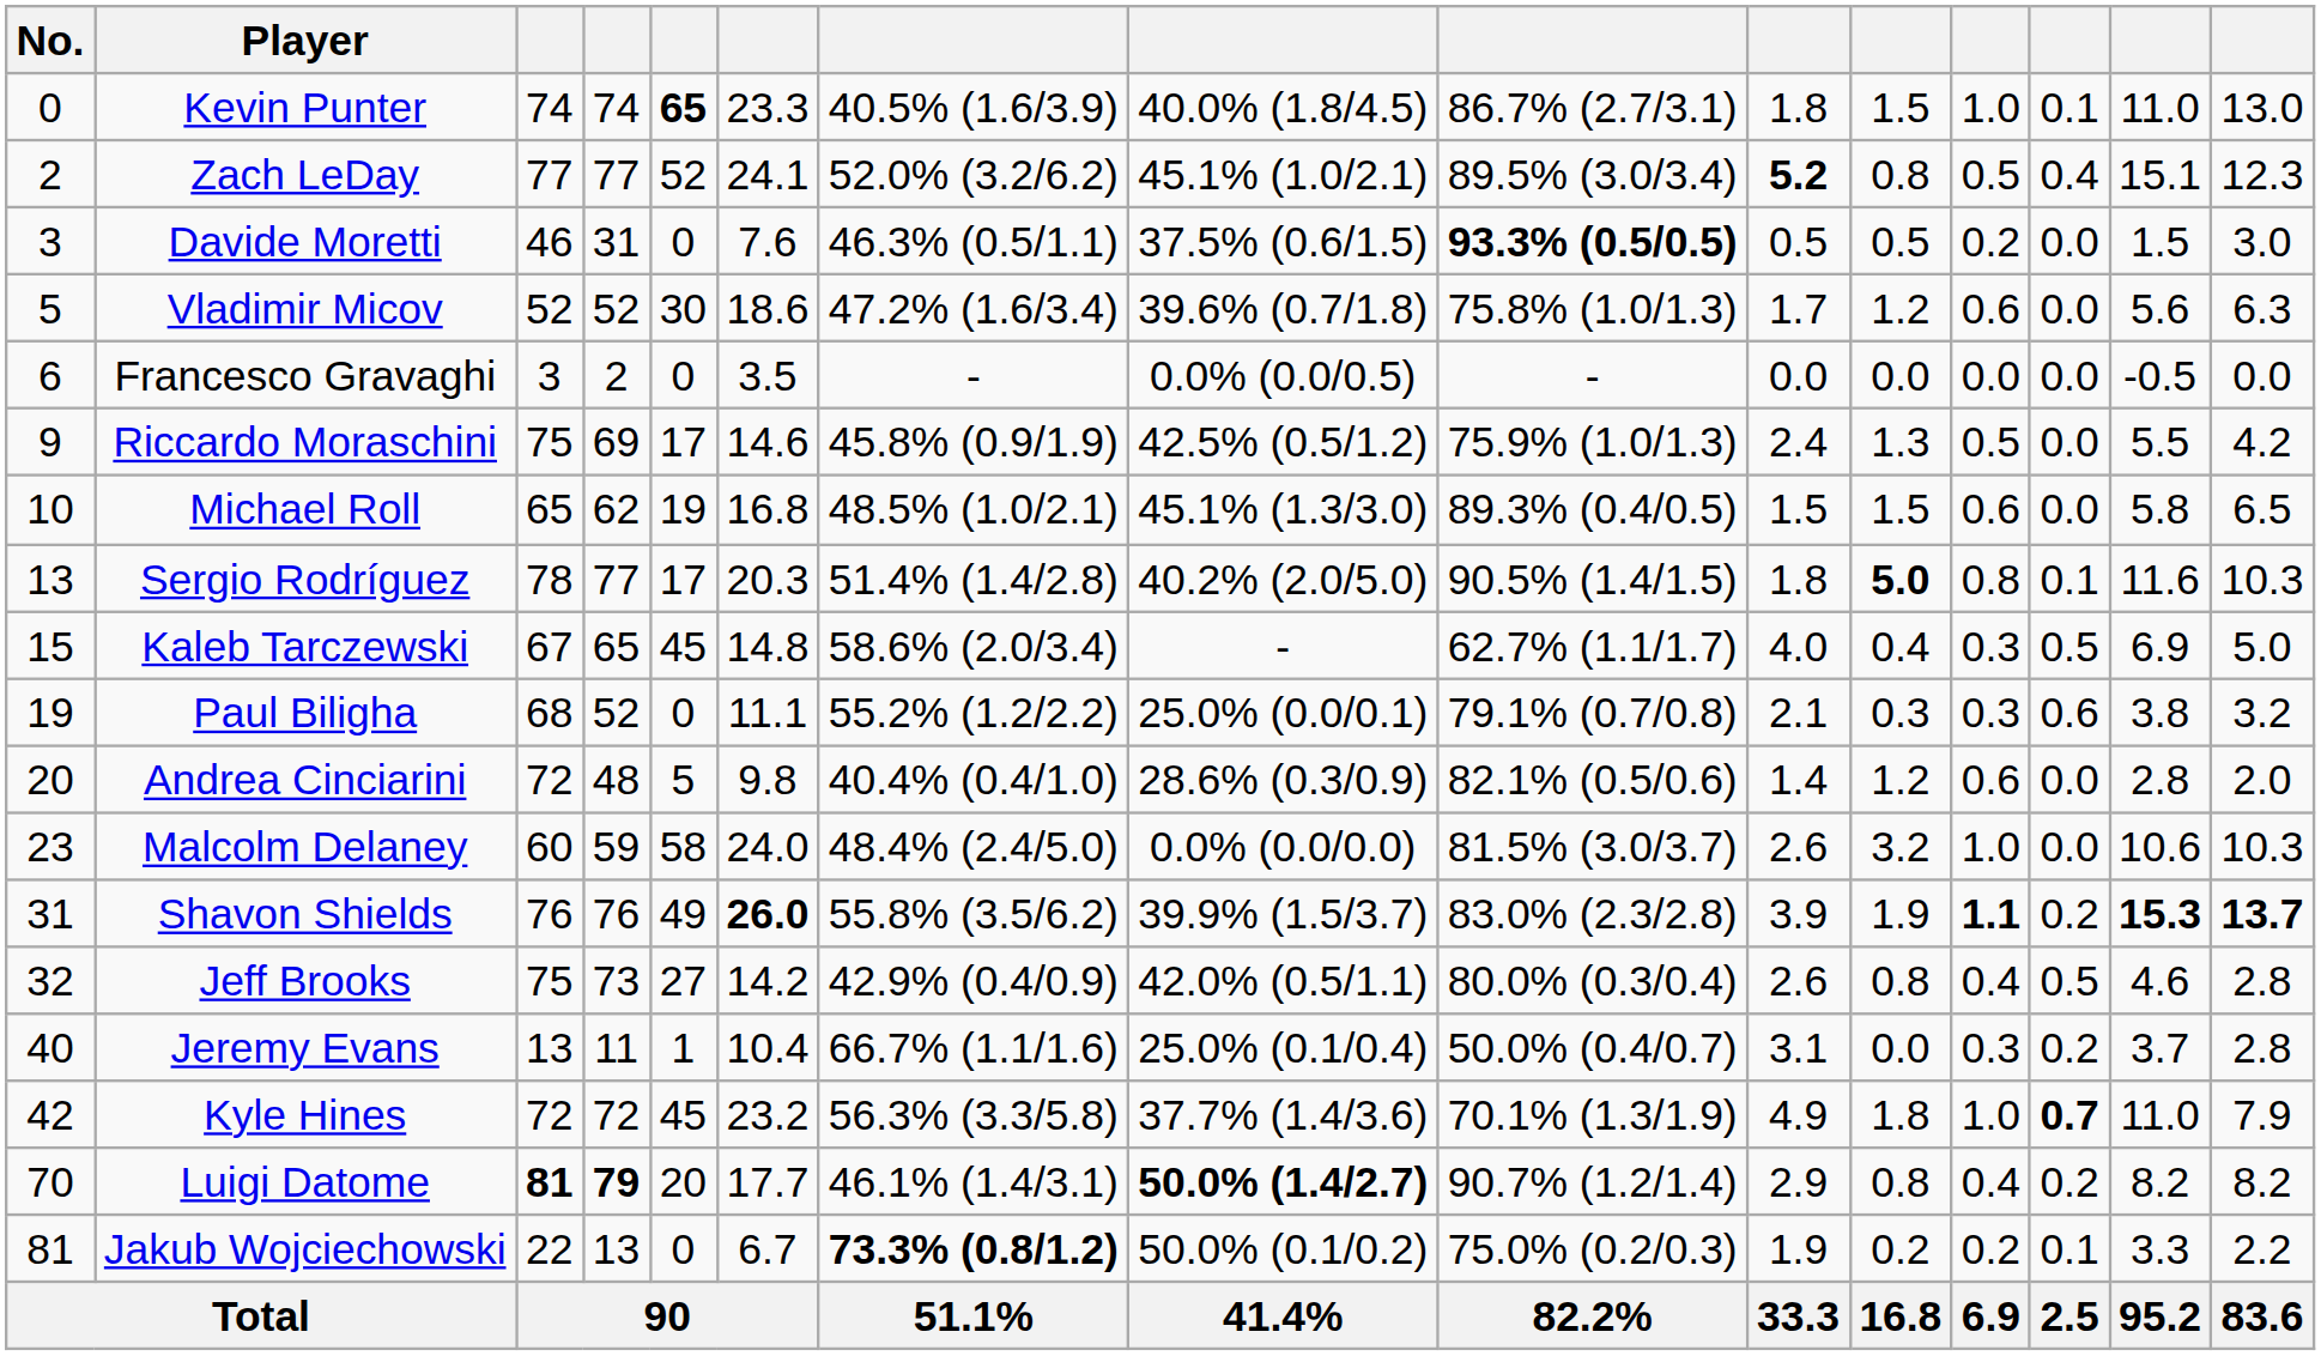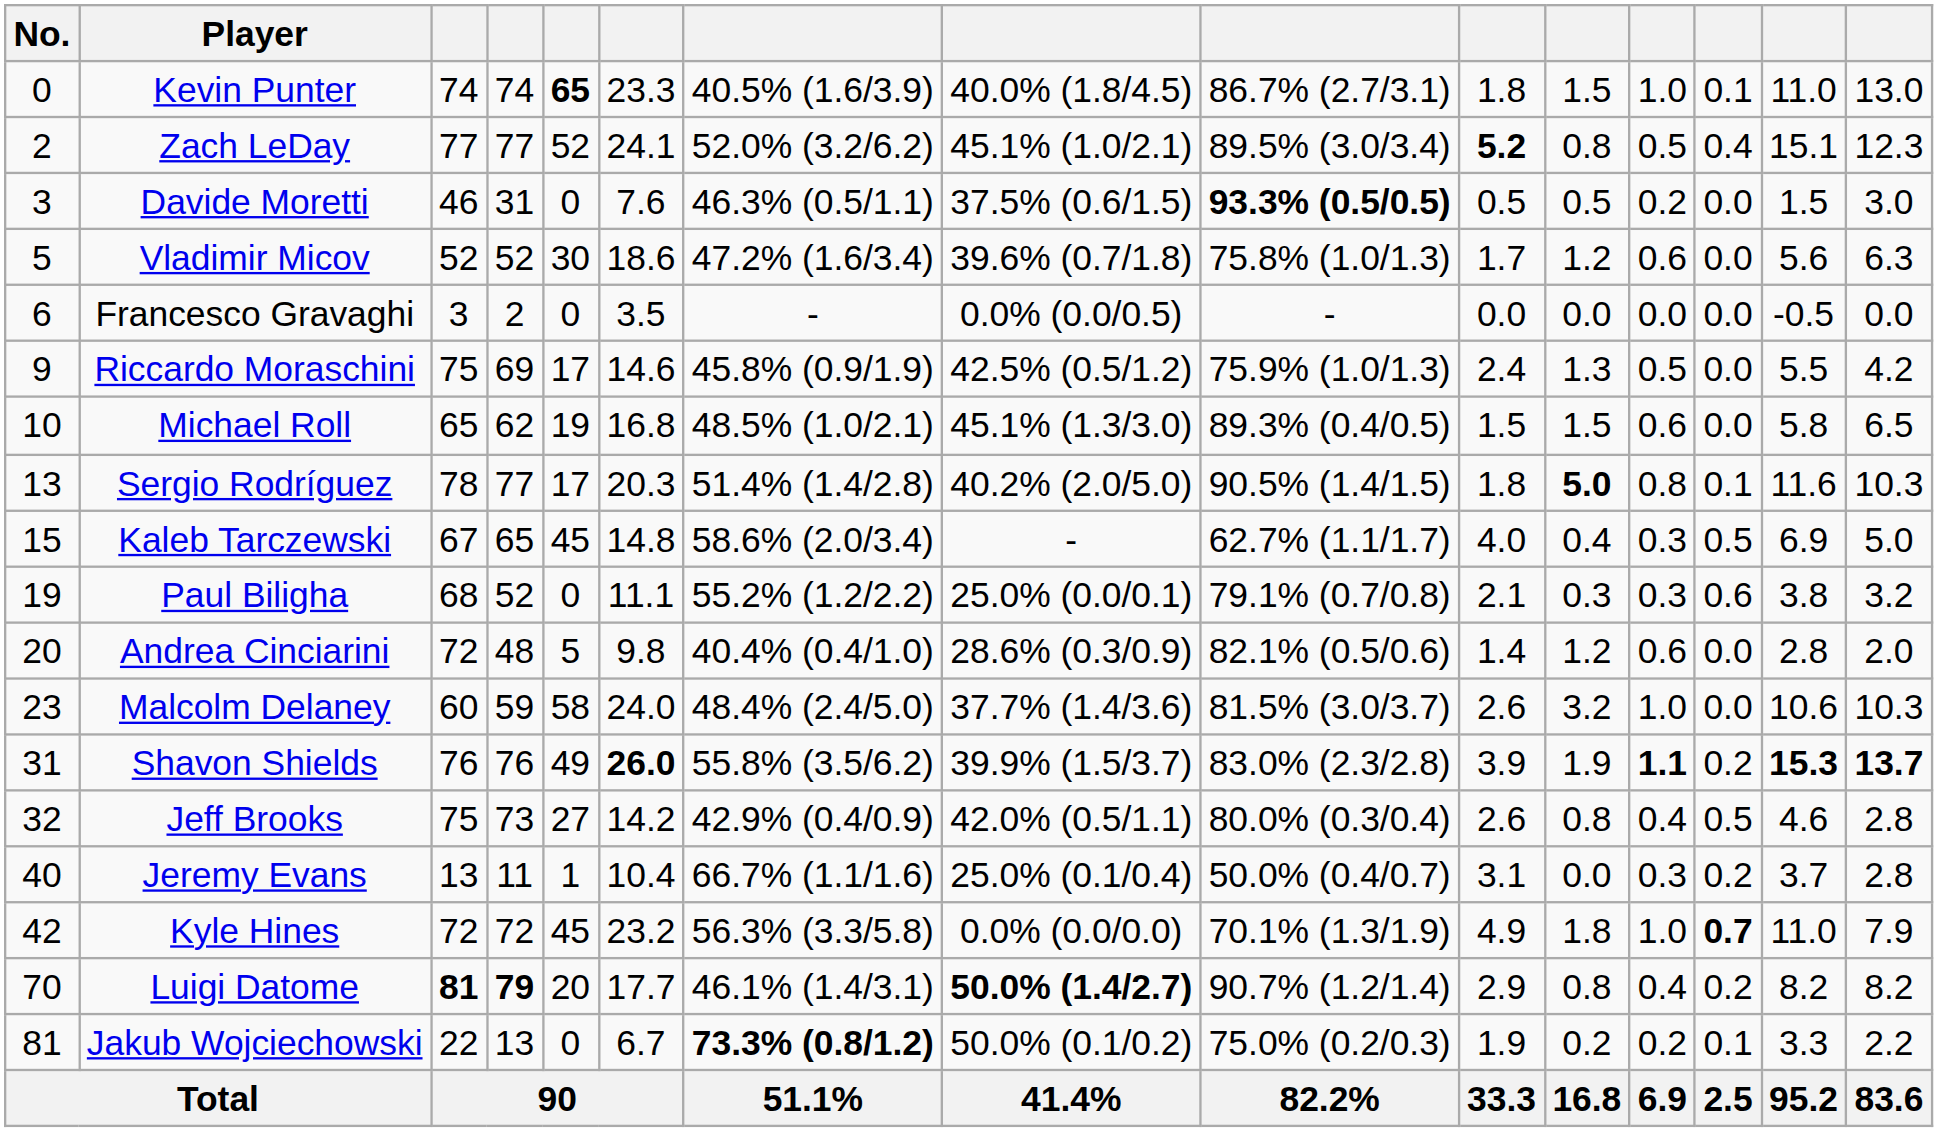 <table class="wikitable sortable" style="text-align:center; font-size:95%">
 <tr>
 <th>No.</th>
 <th>Player</th>
 <th></th>
 <th></th>
 <th></th>
 <th></th>
 <th></th>
 <th></th>
 <th></th>
 <th></th>
 <th></th>
 <th></th>
 <th></th>
 <th></th>
 <th></th>
 </tr>
 <tr>
 <td>0</td>
 <td><a href='#'>Kevin Punter</a></td>
 <td>74</td>
 <td>74</td>
 <td><strong>65</strong></td>
 <td>23.3</td>
 <td>40.5% (1.6/3.9)</td>
 <td>40.0% (1.8/4.5)</td>
 <td>86.7% (2.7/3.1)</td>
 <td>1.8</td>
 <td>1.5</td>
 <td>1.0</td>
 <td>0.1</td>
 <td>11.0</td>
 <td>13.0</td>
 </tr>
 <tr>
 <td>2</td>
 <td><a href='#'>Zach LeDay</a></td>
 <td>77</td>
 <td>77</td>
 <td>52</td>
 <td>24.1</td>
 <td>52.0% (3.2/6.2)</td>
 <td>45.1% (1.0/2.1)</td>
 <td>89.5% (3.0/3.4)</td>
 <td><strong>5.2</strong></td>
 <td>0.8</td>
 <td>0.5</td>
 <td>0.4</td>
 <td>15.1</td>
 <td>12.3</td>
 </tr>
 <tr>
 <td>3</td>
 <td><a href='#'>Davide Moretti</a></td>
 <td>46</td>
 <td>31</td>
 <td>0</td>
 <td>7.6</td>
 <td>46.3% (0.5/1.1)</td>
 <td>37.5% (0.6/1.5)</td>
 <td><strong>93.3% (0.5/0.5)</strong></td>
 <td>0.5</td>
 <td>0.5</td>
 <td>0.2</td>
 <td>0.0</td>
 <td>1.5</td>
 <td>3.0</td>
 </tr>
 <tr>
 <td>5</td>
 <td><a href='#'>Vladimir Micov</a></td>
 <td>52</td>
 <td>52</td>
 <td>30</td>
 <td>18.6</td>
 <td>47.2% (1.6/3.4)</td>
 <td>39.6% (0.7/1.8)</td>
 <td>75.8% (1.0/1.3)</td>
 <td>1.7</td>
 <td>1.2</td>
 <td>0.6</td>
 <td>0.0</td>
 <td>5.6</td>
 <td>6.3</td>
 </tr>
 <tr>
 <td>6</td>
 <td>Francesco Gravaghi</td>
 <td>3</td>
 <td>2</td>
 <td>0</td>
 <td>3.5</td>
 <td>-</td>
 <td>0.0% (0.0/0.5)</td>
 <td>-</td>
 <td>0.0</td>
 <td>0.0</td>
 <td>0.0</td>
 <td>0.0</td>
 <td>-0.5</td>
 <td>0.0</td>
 </tr>
 <tr>
 <td>9</td>
 <td><a href='#'>Riccardo Moraschini</a></td>
 <td>75</td>
 <td>69</td>
 <td>17</td>
 <td>14.6</td>
 <td>45.8% (0.9/1.9)</td>
 <td>42.5% (0.5/1.2)</td>
 <td>75.9% (1.0/1.3)</td>
 <td>2.4</td>
 <td>1.3</td>
 <td>0.5</td>
 <td>0.0</td>
 <td>5.5</td>
 <td>4.2</td>
 </tr>
 <tr>
 <td>10</td>
 <td><a href='#'>Michael Roll</a></td>
 <td>65</td>
 <td>62</td>
 <td>19</td>
 <td>16.8</td>
 <td>48.5% (1.0/2.1)</td>
 <td>45.1% (1.3/3.0)</td>
 <td>89.3% (0.4/0.5)</td>
 <td>1.5</td>
 <td>1.5</td>
 <td>0.6</td>
 <td>0.0</td>
 <td>5.8</td>
 <td>6.5</td>
 </tr>
 <tr>
 <td>13</td>
 <td><a href='#'>Sergio Rodríguez</a></td>
 <td>78</td>
 <td>77</td>
 <td>17</td>
 <td>20.3</td>
 <td>51.4% (1.4/2.8)</td>
 <td>40.2% (2.0/5.0)</td>
 <td>90.5% (1.4/1.5)</td>
 <td>1.8</td>
 <td><strong>5.0</strong></td>
 <td>0.8</td>
 <td>0.1</td>
 <td>11.6</td>
 <td>10.3</td>
 </tr>
 <tr>
 <td>15</td>
 <td><a href='#'>Kaleb Tarczewski</a></td>
 <td>67</td>
 <td>65</td>
 <td>45</td>
 <td>14.8</td>
 <td>58.6% (2.0/3.4)</td>
 <td>-</td>
 <td>62.7% (1.1/1.7)</td>
 <td>4.0</td>
 <td>0.4</td>
 <td>0.3</td>
 <td>0.5</td>
 <td>6.9</td>
 <td>5.0</td>
 </tr>
 <tr>
 <td>19</td>
 <td><a href='#'>Paul Biligha</a></td>
 <td>68</td>
 <td>52</td>
 <td>0</td>
 <td>11.1</td>
 <td>55.2% (1.2/2.2)</td>
 <td>25.0% (0.0/0.1)</td>
 <td>79.1% (0.7/0.8)</td>
 <td>2.1</td>
 <td>0.3</td>
 <td>0.3</td>
 <td>0.6</td>
 <td>3.8</td>
 <td>3.2</td>
 </tr>
 <tr>
 <td>20</td>
 <td><a href='#'>Andrea Cinciarini</a></td>
 <td>72</td>
 <td>48</td>
 <td>5</td>
 <td>9.8</td>
 <td>40.4% (0.4/1.0)</td>
 <td>28.6% (0.3/0.9)</td>
 <td>82.1% (0.5/0.6)</td>
 <td>1.4</td>
 <td>1.2</td>
 <td>0.6</td>
 <td>0.0</td>
 <td>2.8</td>
 <td>2.0</td>
 </tr>
 <tr>
 <td>23</td>
 <td><a href='#'>Malcolm Delaney</a></td>
 <td>60</td>
 <td>59</td>
 <td>58</td>
 <td>24.0</td>
 <td>48.4% (2.4/5.0)</td>
-<td>0.0% (0.0/0.0)</td>
+<td>37.7% (1.4/3.6)</td>
 <td>81.5% (3.0/3.7)</td>
 <td>2.6</td>
 <td>3.2</td>
 <td>1.0</td>
 <td>0.0</td>
 <td>10.6</td>
 <td>10.3</td>
 </tr>
 <tr>
 <td>31</td>
 <td><a href='#'>Shavon Shields</a></td>
 <td>76</td>
 <td>76</td>
 <td>49</td>
 <td><strong>26.0</strong></td>
 <td>55.8% (3.5/6.2)</td>
 <td>39.9% (1.5/3.7)</td>
 <td>83.0% (2.3/2.8)</td>
 <td>3.9</td>
 <td>1.9</td>
 <td><strong>1.1</strong></td>
 <td>0.2</td>
 <td><strong>15.3</strong></td>
 <td><strong>13.7</strong></td>
 </tr>
 <tr>
 <td>32</td>
 <td><a href='#'>Jeff Brooks</a></td>
 <td>75</td>
 <td>73</td>
 <td>27</td>
 <td>14.2</td>
 <td>42.9% (0.4/0.9)</td>
 <td>42.0% (0.5/1.1)</td>
 <td>80.0% (0.3/0.4)</td>
 <td>2.6</td>
 <td>0.8</td>
 <td>0.4</td>
 <td>0.5</td>
 <td>4.6</td>
 <td>2.8</td>
 </tr>
 <tr>
 <td>40</td>
 <td><a href='#'>Jeremy Evans</a></td>
 <td>13</td>
 <td>11</td>
 <td>1</td>
 <td>10.4</td>
 <td>66.7% (1.1/1.6)</td>
 <td>25.0% (0.1/0.4)</td>
 <td>50.0% (0.4/0.7)</td>
 <td>3.1</td>
 <td>0.0</td>
 <td>0.3</td>
 <td>0.2</td>
 <td>3.7</td>
 <td>2.8</td>
 </tr>
 <tr>
 <td>42</td>
 <td><a href='#'>Kyle Hines</a></td>
 <td>72</td>
 <td>72</td>
 <td>45</td>
 <td>23.2</td>
 <td>56.3% (3.3/5.8)</td>
-<td>37.7% (1.4/3.6)</td>
+<td>0.0% (0.0/0.0)</td>
 <td>70.1% (1.3/1.9)</td>
 <td>4.9</td>
 <td>1.8</td>
 <td>1.0</td>
 <td><strong>0.7</strong></td>
 <td>11.0</td>
 <td>7.9</td>
 </tr>
 <tr>
 <td>70</td>
 <td><a href='#'>Luigi Datome</a></td>
 <td><strong>81</strong></td>
 <td><strong>79</strong></td>
 <td>20</td>
 <td>17.7</td>
 <td>46.1% (1.4/3.1)</td>
 <td><strong>50.0% (1.4/2.7)</strong></td>
 <td>90.7% (1.2/1.4)</td>
 <td>2.9</td>
 <td>0.8</td>
 <td>0.4</td>
 <td>0.2</td>
 <td>8.2</td>
 <td>8.2</td>
 </tr>
 <tr>
 <td>81</td>
 <td><a href='#'>Jakub Wojciechowski</a></td>
 <td>22</td>
 <td>13</td>
 <td>0</td>
 <td>6.7</td>
 <td><strong>73.3% (0.8/1.2)</strong></td>
 <td>50.0% (0.1/0.2)</td>
 <td>75.0% (0.2/0.3)</td>
 <td>1.9</td>
 <td>0.2</td>
 <td>0.2</td>
 <td>0.1</td>
 <td>3.3</td>
 <td>2.2</td>
 </tr>
 <tr class="sortbottom">
 <th colspan=2>Total</th>
 <th colspan=4>90</th>
 <th>51.1%</th>
 <th>41.4%</th>
 <th>82.2%</th>
 <th>33.3</th>
 <th>16.8</th>
 <th>6.9</th>
 <th>2.5</th>
 <th>95.2</th>
 <th>83.6</th>
 </tr>
 </table>
